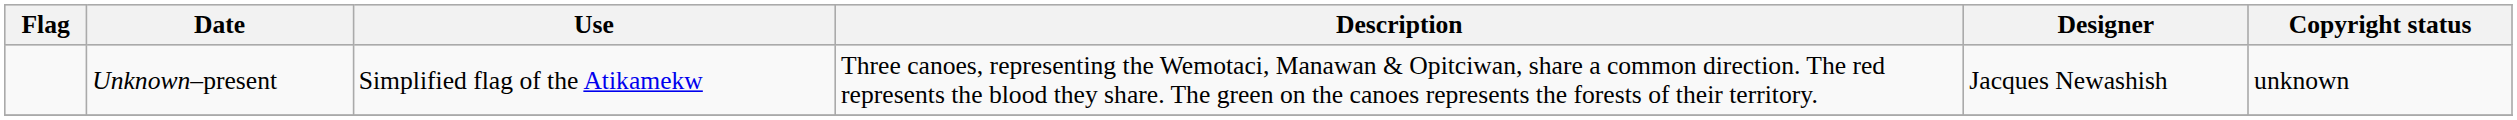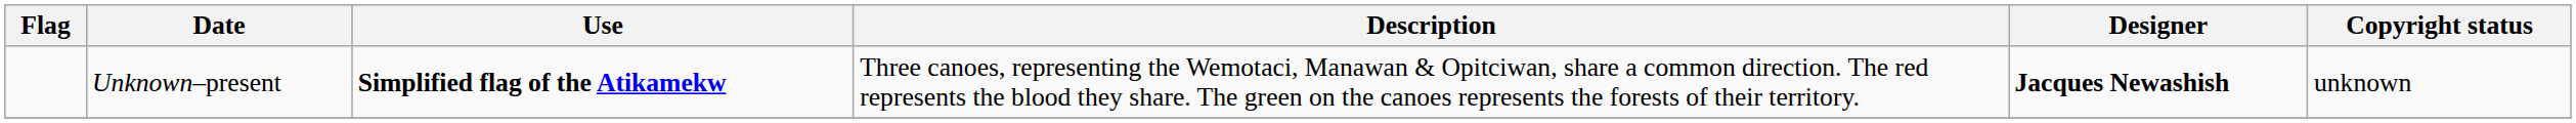 <table class="wikitable">
 <tr>
 <th scope="col">Flag</th>
 <th scope="col">Date</th>
 <th scope="col">Use</th>
 <th scope="col" style="width: 45%;">Description</th>
 <th scope="col">Designer</th>
 <th scope="col">Copyright status</th>
 </tr>
 <tr>
 <td></td>
 <td><em>Unknown</em>–present</td>
-<td>Simplified flag of the <a href='#'>Atikamekw</a></td>
+<td><strong>Simplified flag of the <a href='#'>Atikamekw</a></strong></td>
 <td>Three canoes, representing the Wemotaci, Manawan & Opitciwan, share a common direction. The red represents the blood they share. The green on the canoes represents the forests of their territory.</td>
-<td>Jacques Newashish</td>
+<td><strong>Jacques Newashish</strong></td>
 <td>unknown</td>
 </tr>
 <tr>
 </tr>
 </table>
